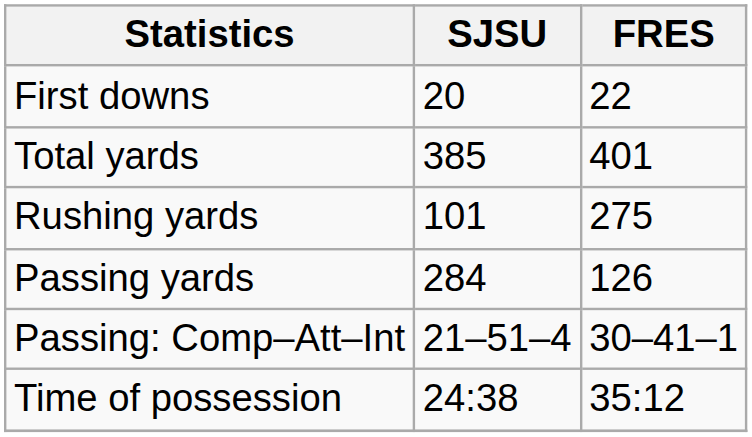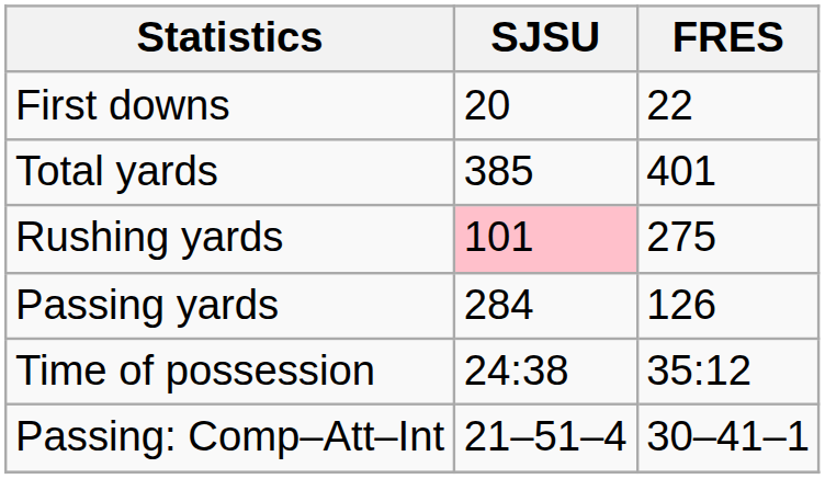 <table class="wikitable" style="float: left;">
 <tr>
 <th>Statistics</th>
 <th>SJSU</th>
 <th>FRES</th>
 </tr>
 <tr>
 <td>First downs</td>
 <td>20</td>
 <td>22</td>
 </tr>
 <tr>
 <td>Total yards</td>
 <td>385</td>
 <td>401</td>
 </tr>
 <tr>
 <td>Rushing yards</td>
-<td>101</td>
+<td style="background: pink;">101</td>
 <td>275</td>
 </tr>
 <tr>
 <td>Passing yards</td>
 <td>284</td>
 <td>126</td>
 </tr>
 <tr>
+<td>Time of possession</td>
+<td>24:38</td>
+<td>35:12</td>
+</tr>
+<tr>
 <td>Passing: Comp–Att–Int</td>
 <td>21–51–4</td>
 <td>30–41–1</td>
 </tr>
 <tr>
-<td>Time of possession</td>
-<td>24:38</td>
-<td>35:12</td>
-</tr>
-<tr>
 </tr>
 </table>
